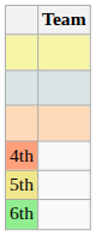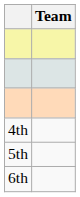 <table class="wikitable" style="text-align:center">
 <tr>
 <th width=15></th>
 <th>Team</th>
 </tr>
 <tr bgcolor="#F7F6A8">
 <td align="center" style="height:23px"></td>
 <td align=left></td>
 </tr>
 <tr bgcolor="#DCE5E5">
 <td align="center" style="height:23px"></td>
 <td align=left></td>
 </tr>
 <tr bgcolor="#FFDAB9">
 <td align="center" style="height:23px"></td>
 <td align=left></td>
 </tr>
 <tr>
-<td style="background: lightsalmon;">4th</td>
+<td>4th</td>
 <td align=left></td>
 </tr>
 <tr>
-<td style="background: khaki;">5th</td>
+<td>5th</td>
 <td align=left></td>
 </tr>
 <tr>
-<td style="background: lightgreen;">6th</td>
+<td>6th</td>
 <td align=left></td>
 </tr>
 </table>
